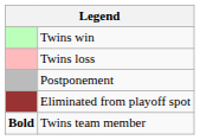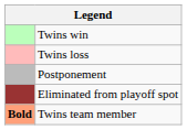 <table class="wikitable" style="font-size:90%">
 <tr>
 <th colspan="3">Legend</th>
 </tr>
 <tr>
 <td bgcolor="#bbffbb"> </td>
 <td>Twins win</td>
 </tr>
 <tr>
 <td bgcolor="#ffbbbb"> </td>
 <td>Twins loss</td>
 </tr>
 <tr>
 <td bgcolor="#bbbbbb"> </td>
 <td>Postponement</td>
 </tr>
 <tr>
 <td bgcolor="#933"> </td>
 <td>Eliminated from playoff spot</td>
 </tr>
 <tr>
-<td><strong>Bold</strong></td>
+<td style="background: lightsalmon;"><strong>Bold</strong></td>
 <td>Twins team member</td>
 </tr>
 </table>
